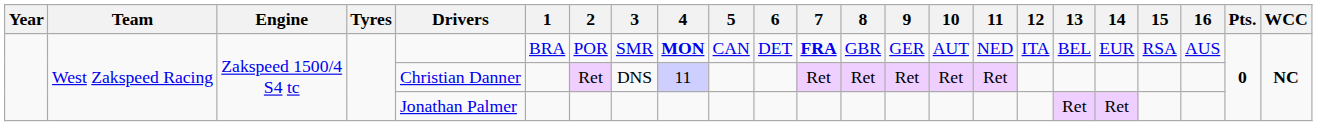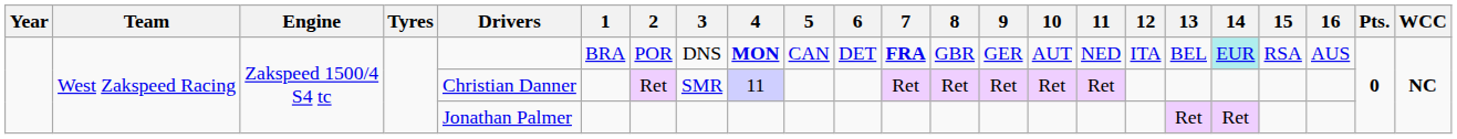 <table class="wikitable" style="text-align:center; font-size:95%">
 <tr>
 <th>Year</th>
 <th>Team</th>
 <th>Engine</th>
 <th>Tyres</th>
 <th>Drivers</th>
 <th>1</th>
 <th>2</th>
 <th>3</th>
 <th>4</th>
 <th>5</th>
 <th>6</th>
 <th>7</th>
 <th>8</th>
 <th>9</th>
 <th>10</th>
 <th>11</th>
 <th>12</th>
 <th>13</th>
 <th>14</th>
 <th>15</th>
 <th>16</th>
 <th>Pts.</th>
 <th>WCC</th>
 </tr>
 <tr>
 <td rowspan="3"></td>
 <td rowspan="3"><a href='#'>West</a> <a href='#'>Zakspeed Racing</a></td>
 <td rowspan="3"><a href='#'>Zakspeed 1500/4</a><br><a href='#'>S4</a> <a href='#'>tc</a></td>
 <td rowspan="3"></td>
 <td></td>
 <td><a href='#'>BRA</a></td>
 <td><a href='#'>POR</a></td>
-<td><a href='#'>SMR</a></td>
+<td>DNS</td>
 <td><strong><a href='#'>MON</a></strong></td>
 <td><a href='#'>CAN</a></td>
 <td><a href='#'>DET</a></td>
 <td><strong><a href='#'>FRA</a></strong></td>
 <td><a href='#'>GBR</a></td>
 <td><a href='#'>GER</a></td>
 <td><a href='#'>AUT</a></td>
 <td><a href='#'>NED</a></td>
 <td><a href='#'>ITA</a></td>
 <td><a href='#'>BEL</a></td>
-<td><a href='#'>EUR</a></td>
+<td style="background: paleturquoise;"><a href='#'>EUR</a></td>
 <td><a href='#'>RSA</a></td>
 <td><a href='#'>AUS</a></td>
 <td rowspan="3"><strong>0</strong></td>
 <td rowspan="3"><strong>NC</strong></td>
 </tr>
 <tr>
 <td align="left"><a href='#'>Christian Danner</a></td>
 <td></td>
 <td style="background:#EFCFFF;">Ret</td>
-<td>DNS</td>
+<td><a href='#'>SMR</a></td>
 <td style="background:#CFCFFF;">11</td>
 <td></td>
 <td></td>
 <td style="background:#EFCFFF;">Ret</td>
 <td style="background:#EFCFFF;">Ret</td>
 <td style="background:#EFCFFF;">Ret</td>
 <td style="background:#EFCFFF;">Ret</td>
 <td style="background:#EFCFFF;">Ret</td>
 <td></td>
 <td></td>
 <td></td>
 <td></td>
 <td></td>
 </tr>
 <tr>
 <td align="left"><a href='#'>Jonathan Palmer</a></td>
 <td></td>
 <td></td>
 <td></td>
 <td></td>
 <td></td>
 <td></td>
 <td></td>
 <td></td>
 <td></td>
 <td></td>
 <td></td>
 <td></td>
 <td style="background:#EFCFFF;">Ret</td>
 <td style="background:#EFCFFF;">Ret</td>
 <td></td>
 <td></td>
 </tr>
 </table>
